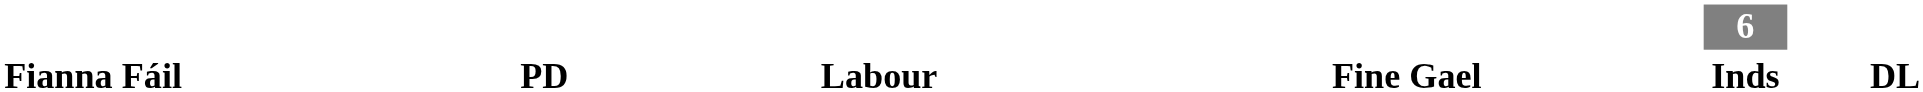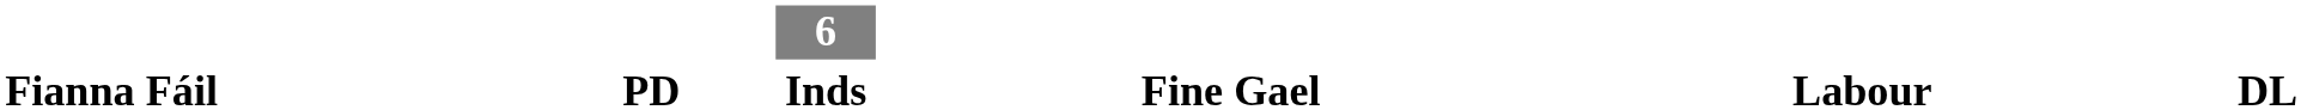 <table style="width:65%; text-align:center;">
 <tr style="color:white;">
 <td style="background:"><strong>77</strong></td>
 <td style="background:"><strong>4</strong></td>
+<td style="background:grey; width:3.6%;"><strong>6</strong></td>
+<td style="background:"><strong>54</strong></td>
 <td style="background:"><strong>17</strong></td>
-<td style="background:"><strong>54</strong></td>
-<td style="background:grey; width:3.6%;"><strong>6</strong></td>
 <td style="background:"><strong>4</strong></td>
 <td style="background:"></td>
 <td style="background:"></td>
 <td style="background:"></td>
 </tr>
 <tr>
 <td><span><strong>Fianna Fáil</strong></span></td>
 <td><span><strong>PD</strong></span></td>
+<td><span><strong>Inds</strong></span></td>
+<td><span><strong>Fine Gael</strong></span></td>
 <td><span><strong>Labour</strong></span></td>
-<td><span><strong>Fine Gael</strong></span></td>
-<td><span><strong>Inds</strong></span></td>
 <td><span><strong>DL</strong></span></td>
 <td></td>
 <td></td>
 <td></td>
 </tr>
 </table>
